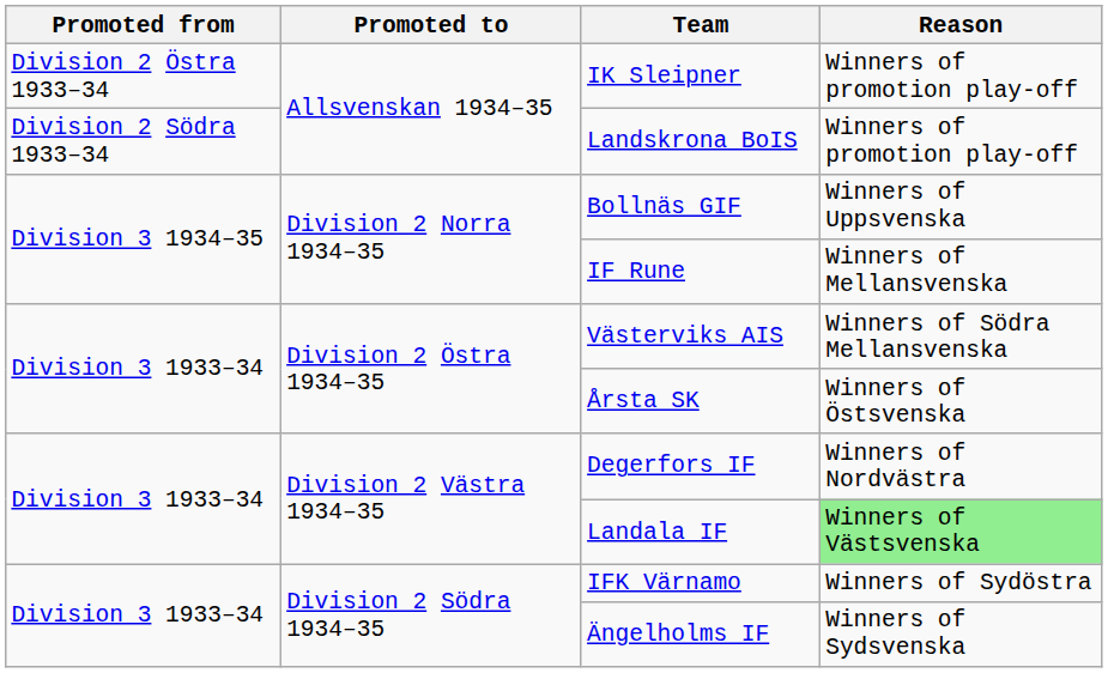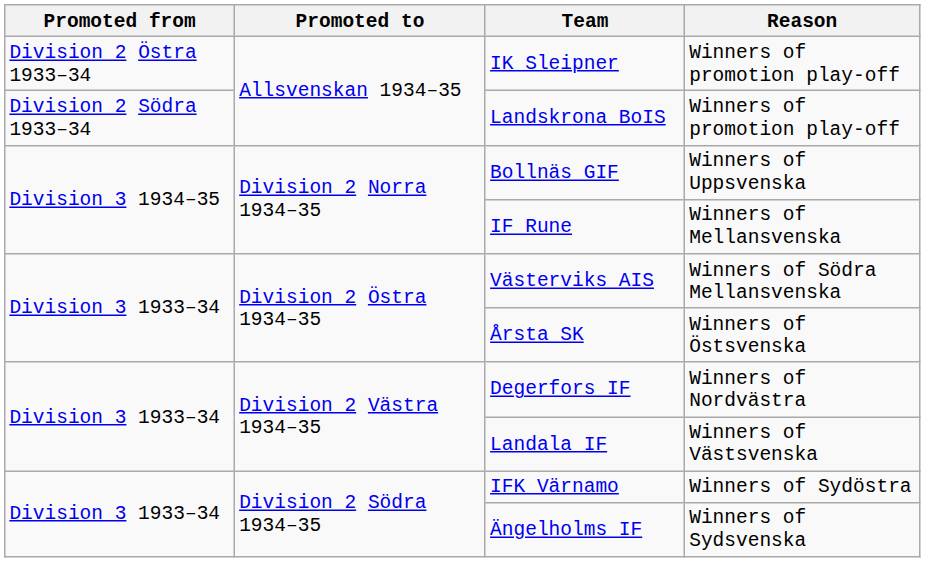 <table class="wikitable" style="text-align: left;">
 <tr>
 <th style="width: 275px;">Promoted from</th>
 <th style="width: 275px;">Promoted to</th>
 <th style="width: 200px;">Team</th>
 <th style="width: 225px;">Reason</th>
 </tr>
 <tr>
 <td><a href='#'>Division 2</a> <a href='#'>Östra</a> 1933–34</td>
 <td rowspan=2><a href='#'>Allsvenskan</a> 1934–35</td>
 <td><a href='#'>IK Sleipner</a></td>
 <td>Winners of promotion play-off</td>
 </tr>
 <tr>
 <td><a href='#'>Division 2</a> <a href='#'>Södra</a> 1933–34</td>
 <td><a href='#'>Landskrona BoIS</a></td>
 <td>Winners of promotion play-off</td>
 </tr>
 <tr>
 <td rowspan=2><a href='#'>Division 3</a> 1934–35</td>
 <td rowspan=2><a href='#'>Division 2</a> <a href='#'>Norra</a> 1934–35</td>
 <td><a href='#'>Bollnäs GIF</a></td>
 <td>Winners of Uppsvenska</td>
 </tr>
 <tr>
 <td><a href='#'>IF Rune</a></td>
 <td>Winners of Mellansvenska</td>
 </tr>
 <tr>
 <td rowspan=2><a href='#'>Division 3</a> 1933–34</td>
 <td rowspan=2><a href='#'>Division 2</a> <a href='#'>Östra</a> 1934–35</td>
 <td><a href='#'>Västerviks AIS</a></td>
 <td>Winners of Södra Mellansvenska</td>
 </tr>
 <tr>
 <td><a href='#'>Årsta SK</a></td>
 <td>Winners of Östsvenska</td>
 </tr>
 <tr>
 <td rowspan=2><a href='#'>Division 3</a> 1933–34</td>
 <td rowspan=2><a href='#'>Division 2</a> <a href='#'>Västra</a> 1934–35</td>
 <td><a href='#'>Degerfors IF</a></td>
 <td>Winners of Nordvästra</td>
 </tr>
 <tr>
 <td><a href='#'>Landala IF</a></td>
-<td style="background: lightgreen;">Winners of Västsvenska</td>
+<td>Winners of Västsvenska</td>
 </tr>
 <tr>
 <td rowspan=2><a href='#'>Division 3</a> 1933–34</td>
 <td rowspan=2><a href='#'>Division 2</a> <a href='#'>Södra</a> 1934–35</td>
 <td><a href='#'>IFK Värnamo</a></td>
 <td>Winners of Sydöstra</td>
 </tr>
 <tr>
 <td><a href='#'>Ängelholms IF</a></td>
 <td>Winners of Sydsvenska</td>
 </tr>
 </table>
